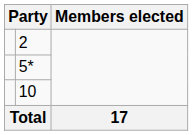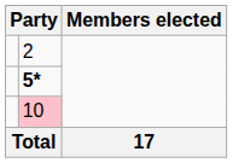 <table class="wikitable">
 <tr>
 <th colspan=2>Party</th>
 <th>Members elected</th>
 </tr>
 <tr>
 <td></td>
 <td>2</td>
 </tr>
 <tr>
 <td></td>
-<td>5*</td>
+<td><strong>5*</strong></td>
 </tr>
 <tr>
 <td></td>
-<td>10</td>
+<td style="background: pink;">10</td>
 </tr>
 <tr>
 <th colspan=2>Total</th>
 <th>17</th>
 </tr>
 </table>
